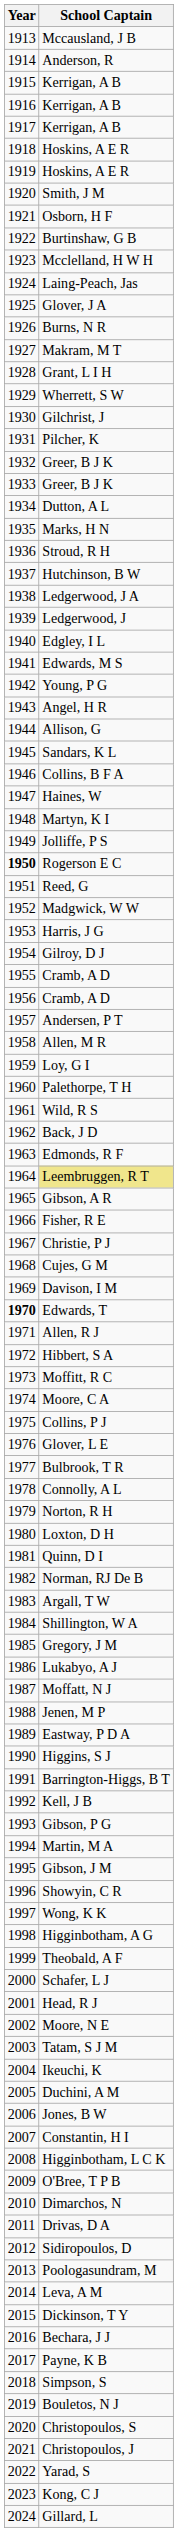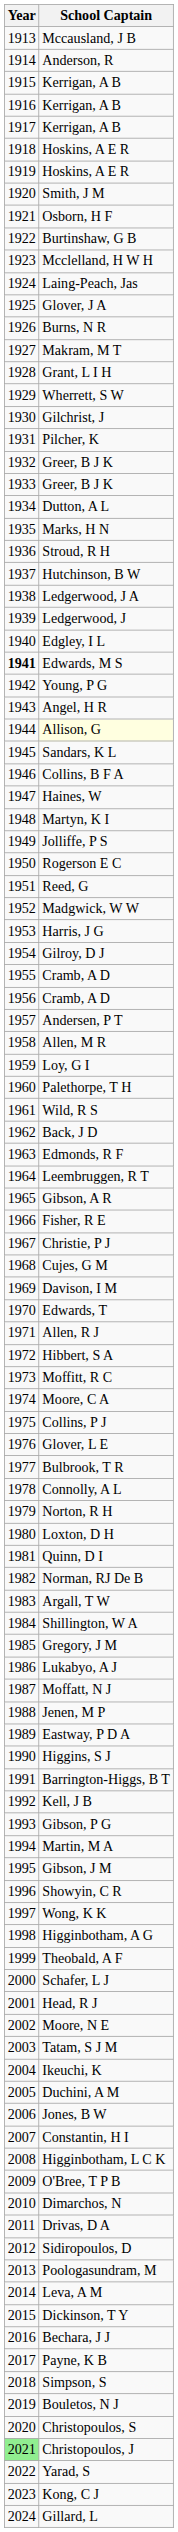 <table class="wikitable sortable">
 <tr>
 <th>Year</th>
 <th>School Captain</th>
 </tr>
 <tr>
 <td>1913</td>
 <td>Mccausland, J B</td>
 </tr>
 <tr>
 <td>1914</td>
 <td>Anderson, R</td>
 </tr>
 <tr>
 <td>1915</td>
 <td>Kerrigan, A B</td>
 </tr>
 <tr>
 <td>1916</td>
 <td>Kerrigan, A B</td>
 </tr>
 <tr>
 <td>1917</td>
 <td>Kerrigan, A B</td>
 </tr>
 <tr>
 <td>1918</td>
 <td>Hoskins, A E R</td>
 </tr>
 <tr>
 <td>1919</td>
 <td>Hoskins, A E R</td>
 </tr>
 <tr>
 <td>1920</td>
 <td>Smith, J M</td>
 </tr>
 <tr>
 <td>1921</td>
 <td>Osborn, H F</td>
 </tr>
 <tr>
 <td>1922</td>
 <td>Burtinshaw, G B</td>
 </tr>
 <tr>
 <td>1923</td>
 <td>Mcclelland, H W H</td>
 </tr>
 <tr>
 <td>1924</td>
 <td>Laing-Peach, Jas</td>
 </tr>
 <tr>
 <td>1925</td>
 <td>Glover, J A</td>
 </tr>
 <tr>
 <td>1926</td>
 <td>Burns, N R</td>
 </tr>
 <tr>
 <td>1927</td>
 <td>Makram, M T</td>
 </tr>
 <tr>
 <td>1928</td>
 <td>Grant, L I H</td>
 </tr>
 <tr>
 <td>1929</td>
 <td>Wherrett, S W</td>
 </tr>
 <tr>
 <td>1930</td>
 <td>Gilchrist, J</td>
 </tr>
 <tr>
 <td>1931</td>
 <td>Pilcher, K</td>
 </tr>
 <tr>
 <td>1932</td>
 <td>Greer, B J K</td>
 </tr>
 <tr>
 <td>1933</td>
 <td>Greer, B J K</td>
 </tr>
 <tr>
 <td>1934</td>
 <td>Dutton, A L</td>
 </tr>
 <tr>
 <td>1935</td>
 <td>Marks, H N</td>
 </tr>
 <tr>
 <td>1936</td>
 <td>Stroud, R H</td>
 </tr>
 <tr>
 <td>1937</td>
 <td>Hutchinson, B W</td>
 </tr>
 <tr>
 <td>1938</td>
 <td>Ledgerwood, J A</td>
 </tr>
 <tr>
 <td>1939</td>
 <td>Ledgerwood, J</td>
 </tr>
 <tr>
 <td>1940</td>
 <td>Edgley, I L</td>
 </tr>
 <tr>
-<td>1941</td>
+<td><strong>1941</strong></td>
 <td>Edwards, M S</td>
 </tr>
 <tr>
 <td>1942</td>
 <td>Young, P G</td>
 </tr>
 <tr>
 <td>1943</td>
 <td>Angel, H R</td>
 </tr>
 <tr>
 <td>1944</td>
-<td>Allison, G</td>
+<td style="background: lightyellow;">Allison, G</td>
 </tr>
 <tr>
 <td>1945</td>
 <td>Sandars, K L</td>
 </tr>
 <tr>
 <td>1946</td>
 <td>Collins, B F A</td>
 </tr>
 <tr>
 <td>1947</td>
 <td>Haines, W</td>
 </tr>
 <tr>
 <td>1948</td>
 <td>Martyn, K I</td>
 </tr>
 <tr>
 <td>1949</td>
 <td>Jolliffe, P S</td>
 </tr>
 <tr>
-<td><strong>1950</strong></td>
+<td>1950</td>
 <td>Rogerson E C</td>
 </tr>
 <tr>
 <td>1951</td>
 <td>Reed, G</td>
 </tr>
 <tr>
 <td>1952</td>
 <td>Madgwick, W W</td>
 </tr>
 <tr>
 <td>1953</td>
 <td>Harris, J G</td>
 </tr>
 <tr>
 <td>1954</td>
 <td>Gilroy, D J</td>
 </tr>
 <tr>
 <td>1955</td>
 <td>Cramb, A D</td>
 </tr>
 <tr>
 <td>1956</td>
 <td>Cramb, A D</td>
 </tr>
 <tr>
 <td>1957</td>
 <td>Andersen, P T</td>
 </tr>
 <tr>
 <td>1958</td>
 <td>Allen, M R</td>
 </tr>
 <tr>
 <td>1959</td>
 <td>Loy, G I</td>
 </tr>
 <tr>
 <td>1960</td>
 <td>Palethorpe, T H</td>
 </tr>
 <tr>
 <td>1961</td>
 <td>Wild, R S</td>
 </tr>
 <tr>
 <td>1962</td>
 <td>Back, J D</td>
 </tr>
 <tr>
 <td>1963</td>
 <td>Edmonds, R F</td>
 </tr>
 <tr>
 <td>1964</td>
-<td style="background: khaki;">Leembruggen, R T</td>
+<td>Leembruggen, R T</td>
 </tr>
 <tr>
 <td>1965</td>
 <td>Gibson, A R</td>
 </tr>
 <tr>
 <td>1966</td>
 <td>Fisher, R E</td>
 </tr>
 <tr>
 <td>1967</td>
 <td>Christie, P J</td>
 </tr>
 <tr>
 <td>1968</td>
 <td>Cujes, G M</td>
 </tr>
 <tr>
 <td>1969</td>
 <td>Davison, I M</td>
 </tr>
 <tr>
-<td><strong>1970</strong></td>
+<td>1970</td>
 <td>Edwards, T</td>
 </tr>
 <tr>
 <td>1971</td>
 <td>Allen, R J</td>
 </tr>
 <tr>
 <td>1972</td>
 <td>Hibbert, S A</td>
 </tr>
 <tr>
 <td>1973</td>
 <td>Moffitt, R C</td>
 </tr>
 <tr>
 <td>1974</td>
 <td>Moore, C A</td>
 </tr>
 <tr>
 <td>1975</td>
 <td>Collins, P J</td>
 </tr>
 <tr>
 <td>1976</td>
 <td>Glover, L E</td>
 </tr>
 <tr>
 <td>1977</td>
 <td>Bulbrook, T R</td>
 </tr>
 <tr>
 <td>1978</td>
 <td>Connolly, A L</td>
 </tr>
 <tr>
 <td>1979</td>
 <td>Norton, R H</td>
 </tr>
 <tr>
 <td>1980</td>
 <td>Loxton, D H</td>
 </tr>
 <tr>
 <td>1981</td>
 <td>Quinn, D I</td>
 </tr>
 <tr>
 <td>1982</td>
 <td>Norman, RJ De B</td>
 </tr>
 <tr>
 <td>1983</td>
 <td>Argall, T W</td>
 </tr>
 <tr>
 <td>1984</td>
 <td>Shillington, W A</td>
 </tr>
 <tr>
 <td>1985</td>
 <td>Gregory, J M</td>
 </tr>
 <tr>
 <td>1986</td>
 <td>Lukabyo, A J</td>
 </tr>
 <tr>
 <td>1987</td>
 <td>Moffatt, N J</td>
 </tr>
 <tr>
 <td>1988</td>
 <td>Jenen, M P</td>
 </tr>
 <tr>
 <td>1989</td>
 <td>Eastway, P D A</td>
 </tr>
 <tr>
 <td>1990</td>
 <td>Higgins, S J</td>
 </tr>
 <tr>
 <td>1991</td>
 <td>Barrington-Higgs, B T</td>
 </tr>
 <tr>
 <td>1992</td>
 <td>Kell, J B</td>
 </tr>
 <tr>
 <td>1993</td>
 <td>Gibson, P G</td>
 </tr>
 <tr>
 <td>1994</td>
 <td>Martin, M A</td>
 </tr>
 <tr>
 <td>1995</td>
 <td>Gibson, J M</td>
 </tr>
 <tr>
 <td>1996</td>
 <td>Showyin, C R</td>
 </tr>
 <tr>
 <td>1997</td>
 <td>Wong, K K</td>
 </tr>
 <tr>
 <td>1998</td>
 <td>Higginbotham, A G</td>
 </tr>
 <tr>
 <td>1999</td>
 <td>Theobald, A F</td>
 </tr>
 <tr>
 <td>2000</td>
 <td>Schafer, L J</td>
 </tr>
 <tr>
 <td>2001</td>
 <td>Head, R J</td>
 </tr>
 <tr>
 <td>2002</td>
 <td>Moore, N E</td>
 </tr>
 <tr>
 <td>2003</td>
 <td>Tatam, S J M</td>
 </tr>
 <tr>
 <td>2004</td>
 <td>Ikeuchi, K</td>
 </tr>
 <tr>
 <td>2005</td>
 <td>Duchini, A M</td>
 </tr>
 <tr>
 <td>2006</td>
 <td>Jones, B W</td>
 </tr>
 <tr>
 <td>2007</td>
 <td>Constantin, H I</td>
 </tr>
 <tr>
 <td>2008</td>
 <td>Higginbotham, L C K</td>
 </tr>
 <tr>
 <td>2009</td>
 <td>O'Bree, T P B</td>
 </tr>
 <tr>
 <td>2010</td>
 <td>Dimarchos, N</td>
 </tr>
 <tr>
 <td>2011</td>
 <td>Drivas, D A</td>
 </tr>
 <tr>
 <td>2012</td>
 <td>Sidiropoulos, D</td>
 </tr>
 <tr>
 <td>2013</td>
 <td>Poologasundram, M</td>
 </tr>
 <tr>
 <td>2014</td>
 <td>Leva, A M</td>
 </tr>
 <tr>
 <td>2015</td>
 <td>Dickinson, T Y</td>
 </tr>
 <tr>
 <td>2016</td>
 <td>Bechara, J J</td>
 </tr>
 <tr>
 <td>2017</td>
 <td>Payne, K B</td>
 </tr>
 <tr>
 <td>2018</td>
 <td>Simpson, S</td>
 </tr>
 <tr>
 <td>2019</td>
 <td>Bouletos, N J</td>
 </tr>
 <tr>
 <td>2020</td>
 <td>Christopoulos, S</td>
 </tr>
 <tr>
-<td>2021</td>
+<td style="background: lightgreen;">2021</td>
 <td>Christopoulos, J</td>
 </tr>
 <tr>
 <td>2022</td>
 <td>Yarad, S</td>
 </tr>
 <tr>
 <td>2023</td>
 <td>Kong, C J</td>
 </tr>
 <tr>
 <td>2024</td>
 <td>Gillard, L</td>
 </tr>
 </table>
